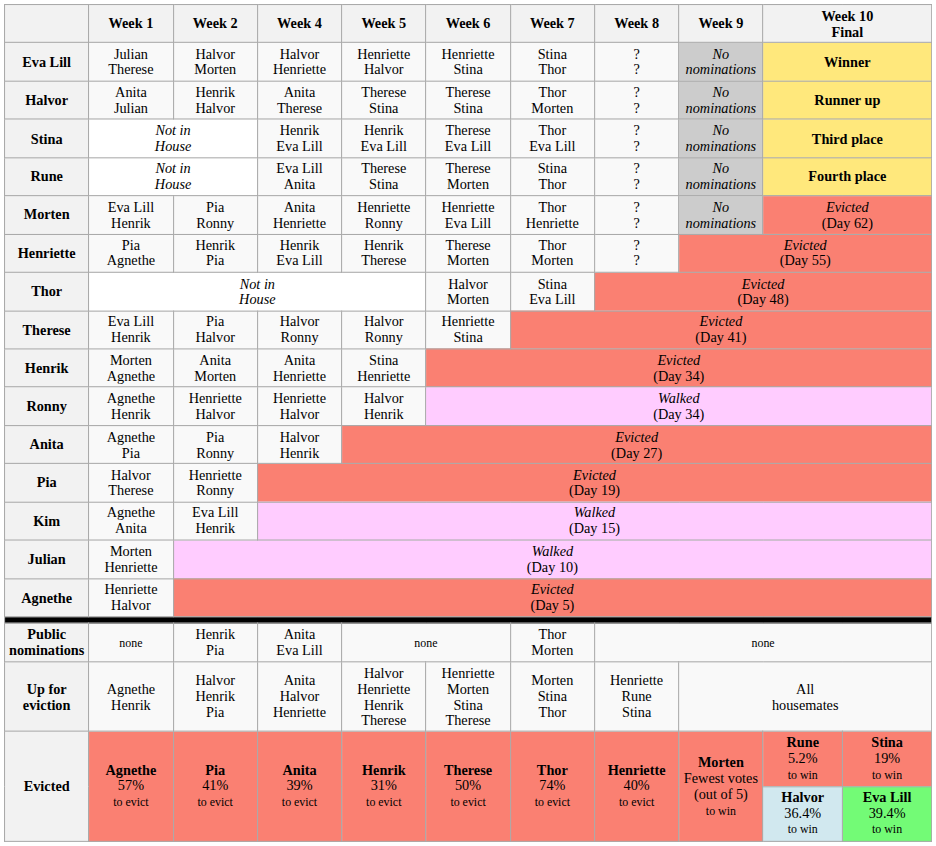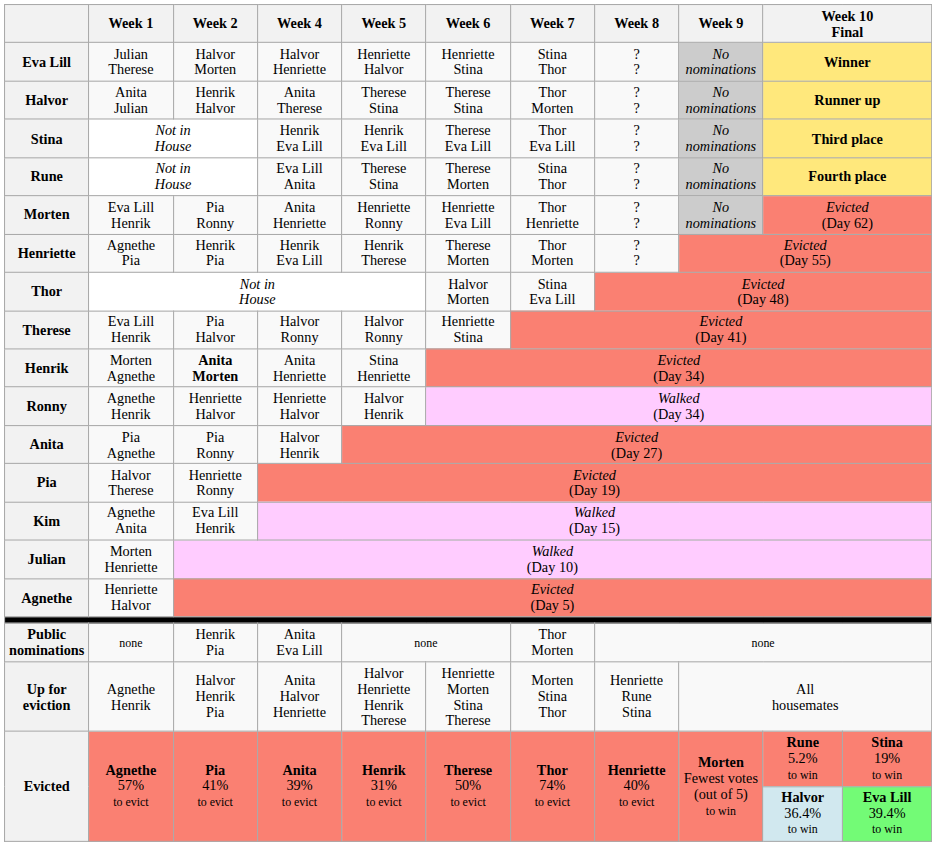 <table class="wikitable" style="text-align:center; font-size:85%; line-height:15px; width:100%">
 <tr>
 <th style="width: 9%;"></th>
 <th style="width: 9%;">Week 1</th>
 <th style="width: 9%;">Week 2</th>
 <th style="width: 9%;">Week 4</th>
 <th style="width: 9%;">Week 5</th>
 <th style="width: 9%;">Week 6</th>
 <th style="width: 9%;">Week 7</th>
 <th style="width: 9%;">Week 8</th>
 <th style="width: 9%;">Week 9</th>
 <th style="width: 18%;" colspan=2>Week 10<br>Final</th>
 </tr>
 <tr>
 <th>Eva Lill</th>
 <td>Julian<br>Therese</td>
 <td>Halvor<br>Morten</td>
 <td>Halvor<br>Henriette</td>
 <td>Henriette<br>Halvor</td>
 <td>Henriette<br>Stina</td>
 <td>Stina<br>Thor</td>
 <td>?<br>?</td>
 <td style="background:#CCCCCC;"><em>No<br>nominations</em></td>
 <td style="background:#FFE87C" colspan=2><strong>Winner</strong></td>
 </tr>
 <tr>
 <th>Halvor</th>
 <td>Anita<br>Julian</td>
 <td>Henrik<br>Halvor</td>
 <td>Anita<br>Therese</td>
 <td>Therese<br>Stina</td>
 <td>Therese<br>Stina</td>
 <td>Thor<br>Morten</td>
 <td>?<br>?</td>
 <td style="background:#CCCCCC;"><em>No<br>nominations</em></td>
 <td style="background:#FFE87C" colspan=2><strong>Runner up</strong></td>
 </tr>
 <tr>
 <th>Stina</th>
 <td style="background:#FFFFFF" colspan=2><em>Not in<br>House</em></td>
 <td>Henrik<br>Eva Lill</td>
 <td>Henrik<br>Eva Lill</td>
 <td>Therese<br>Eva Lill</td>
 <td>Thor<br>Eva Lill</td>
 <td>?<br>?</td>
 <td style="background:#CCCCCC;"><em>No<br>nominations</em></td>
 <td style="background:#FFE87C" colspan=2><strong>Third place</strong></td>
 </tr>
 <tr>
 <th>Rune</th>
 <td style="background:#FFFFFF" colspan=2><em>Not in<br>House</em></td>
 <td>Eva Lill<br>Anita</td>
 <td>Therese<br>Stina</td>
 <td>Therese<br>Morten</td>
 <td>Stina<br>Thor</td>
 <td>?<br>?</td>
 <td style="background:#CCCCCC;"><em>No<br>nominations</em></td>
 <td style="background:#FFE87C" colspan=2><strong>Fourth place</strong></td>
 </tr>
 <tr>
 <th>Morten</th>
 <td>Eva Lill<br>Henrik</td>
 <td>Pia<br>Ronny</td>
 <td>Anita<br>Henriette</td>
 <td>Henriette<br>Ronny</td>
 <td>Henriette<br>Eva Lill</td>
 <td>Thor<br>Henriette</td>
 <td>?<br>?</td>
 <td style="background:#CCCCCC;"><em>No<br>nominations</em></td>
 <td style="background:#fa8072;" colspan="2"><em>Evicted</em><br> (Day 62)</td>
 </tr>
 <tr>
 <th>Henriette</th>
-<td>Pia<br>Agnethe</td>
+<td>Agnethe<br>Pia</td>
 <td>Henrik<br>Pia</td>
 <td>Henrik<br>Eva Lill</td>
 <td>Henrik<br>Therese</td>
 <td>Therese<br>Morten</td>
 <td>Thor<br>Morten</td>
 <td>?<br>?</td>
 <td style="background:#fa8072;" colspan="3"><em>Evicted</em><br> (Day 55)</td>
 </tr>
 <tr>
 <th>Thor</th>
 <td style="background:#FFFFFF" colspan=4><em>Not in<br>House</em></td>
 <td>Halvor<br>Morten</td>
 <td>Stina<br>Eva Lill</td>
 <td style="background:#fa8072;" colspan="4"><em>Evicted</em><br> (Day 48)</td>
 </tr>
 <tr>
 <th>Therese</th>
 <td>Eva Lill<br>Henrik</td>
 <td>Pia<br>Halvor</td>
 <td>Halvor<br>Ronny</td>
 <td>Halvor<br>Ronny</td>
 <td>Henriette<br>Stina</td>
 <td style="background:#fa8072;" colspan="5"><em>Evicted</em><br> (Day 41)</td>
 </tr>
 <tr>
 <th>Henrik</th>
 <td>Morten<br>Agnethe</td>
-<td>Anita<br>Morten</td>
+<td><strong>Anita<br>Morten</strong></td>
 <td>Anita<br>Henriette</td>
 <td>Stina<br>Henriette</td>
 <td style="background:#fa8072;" colspan="6"><em>Evicted</em><br> (Day 34)</td>
 </tr>
 <tr>
 <th>Ronny</th>
 <td>Agnethe<br>Henrik</td>
 <td>Henriette<br>Halvor</td>
 <td>Henriette<br>Halvor</td>
 <td>Halvor<br>Henrik</td>
 <td style="background:#FFCCFF;" colspan="6"><em>Walked</em><br> (Day 34)</td>
 </tr>
 <tr>
 <th>Anita</th>
-<td>Agnethe<br>Pia</td>
+<td>Pia<br>Agnethe</td>
 <td>Pia<br>Ronny</td>
 <td>Halvor<br>Henrik</td>
 <td style="background:#fa8072;" colspan="7"><em>Evicted</em><br> (Day 27)</td>
 </tr>
 <tr>
 <th>Pia</th>
 <td>Halvor<br>Therese</td>
 <td>Henriette<br>Ronny</td>
 <td style="background:#fa8072;" colspan="8"><em>Evicted</em><br> (Day 19)</td>
 </tr>
 <tr>
 <th>Kim</th>
 <td>Agnethe<br>Anita</td>
 <td>Eva Lill<br>Henrik</td>
 <td style="background:#FFCCFF;" colspan="8"><em>Walked</em><br> (Day 15)</td>
 </tr>
 <tr>
 <th>Julian</th>
 <td>Morten<br>Henriette</td>
 <td style="background:#FFCCFF;" colspan="9"><em>Walked</em><br> (Day 10)</td>
 </tr>
 <tr>
 <th>Agnethe</th>
 <td>Henriette<br>Halvor</td>
 <td style="background:#fa8072;" colspan="9"><em>Evicted</em><br> (Day 5)</td>
 </tr>
 <tr>
 <td style="background:#000" colspan=11></td>
 </tr>
 <tr>
 <th>Public<br>nominations</th>
 <td><small>none</small></td>
 <td>Henrik<br>Pia</td>
 <td>Anita<br>Eva Lill</td>
 <td colspan=2><small>none</small></td>
 <td>Thor<br>Morten</td>
 <td colspan=4><small>none</small></td>
 </tr>
 <tr>
 <th>Up for<br>eviction</th>
 <td>Agnethe<br>Henrik</td>
 <td>Halvor<br>Henrik<br>Pia</td>
 <td>Anita<br>Halvor<br>Henriette</td>
 <td>Halvor<br>Henriette<br>Henrik<br>Therese</td>
 <td>Henriette<br>Morten<br>Stina<br>Therese</td>
 <td>Morten<br>Stina<br>Thor</td>
 <td>Henriette<br>Rune<br>Stina</td>
 <td colspan=3>All<br>housemates</td>
 </tr>
 <tr>
 <th rowspan="3">Evicted</th>
 <td style="background:#fa8072;" rowspan="3"><strong>Agnethe</strong><br>57%<br><small>to evict</small></td>
 <td style="background:#fa8072;" rowspan="3"><strong>Pia</strong><br>41%<br><small>to evict</small></td>
 <td style="background:#fa8072;" rowspan="3"><strong>Anita</strong><br>39%<br><small>to evict</small></td>
 <td style="background:#fa8072;" rowspan="3"><strong>Henrik</strong><br>31%<br><small>to evict</small></td>
 <td style="background:#fa8072;" rowspan="3"><strong>Therese</strong><br>50%<br><small>to evict</small></td>
 <td style="background:#fa8072;" rowspan="3"><strong>Thor</strong><br>74%<br><small>to evict</small></td>
 <td style="background:#fa8072;" rowspan="3"><strong>Henriette</strong><br>40%<br><small>to evict</small></td>
 <td style="background:#fa8072;" rowspan="3"><strong>Morten</strong><br>Fewest votes<br>(out of 5)<br><small>to win</small></td>
 <td style="background:#fa8072;"><strong>Rune</strong><br>5.2%<br><small>to win</small></td>
 <td style="background:#fa8072;"><strong>Stina</strong><br>19%<br><small>to win</small></td>
 </tr>
 <tr>
 <td style="background:#D1E8EF;"><strong>Halvor</strong><br>36.4%<br><small>to win</small></td>
 <td style="background:#73FB76;"><strong>Eva Lill</strong><br>39.4%<br><small>to win</small></td>
 </tr>
 </table>
